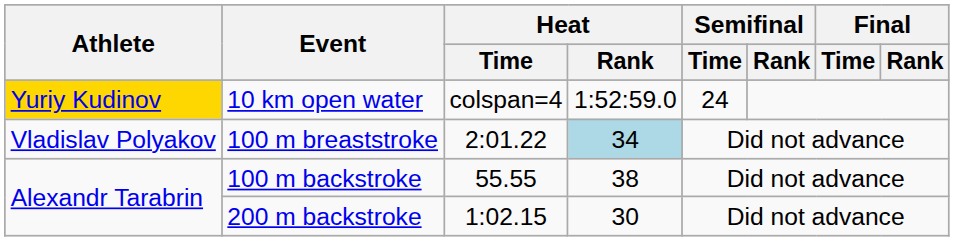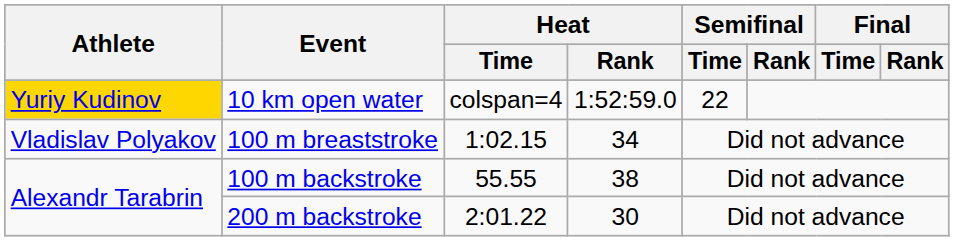 <table class=wikitable style="font-size:90%">
 <tr>
 <th rowspan="2">Athlete</th>
 <th rowspan="2">Event</th>
 <th colspan="2">Heat</th>
 <th colspan="2">Semifinal</th>
 <th colspan="2">Final</th>
 </tr>
 <tr style="font-size:95%">
 <th>Time</th>
 <th>Rank</th>
 <th>Time</th>
 <th>Rank</th>
 <th>Time</th>
 <th>Rank</th>
 </tr>
 <tr align=center>
 <td align=left style="background: gold;"><a href='#'>Yuriy Kudinov</a></td>
 <td align=left><a href='#'>10 km open water</a></td>
 <td>colspan=4 </td>
 <td>1:52:59.0</td>
-<td>24</td>
+<td>22</td>
 </tr>
 <tr align=center>
 <td align=left><a href='#'>Vladislav Polyakov</a></td>
 <td align=left><a href='#'>100 m breaststroke</a></td>
-<td>2:01.22</td>
-<td style="background: lightblue;">34</td>
+<td>1:02.15</td>
+<td>34</td>
 <td colspan=4>Did not advance</td>
 </tr>
 <tr align=center>
 <td align=left rowspan=2><a href='#'>Alexandr Tarabrin</a></td>
 <td align=left><a href='#'>100 m backstroke</a></td>
 <td>55.55</td>
 <td>38</td>
 <td colspan=4>Did not advance</td>
 </tr>
 <tr align=center>
 <td align=left><a href='#'>200 m backstroke</a></td>
-<td>1:02.15</td>
+<td>2:01.22</td>
 <td>30</td>
 <td colspan=4>Did not advance</td>
 </tr>
 </table>
